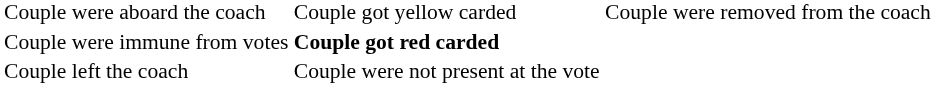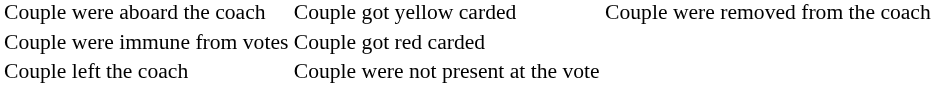 <table>
 <tr>
 <td> Couple were aboard the coach</td>
 <td> Couple got yellow carded</td>
 <td> Couple were removed from the coach</td>
 </tr>
 <tr>
 <td> Couple were immune from votes</td>
-<td><strong> Couple got red carded</strong></td>
+<td> Couple got red carded</td>
 </tr>
 <tr>
 <td> Couple left the coach</td>
 <td> Couple were not present at the vote</td>
 </tr>
 </table>
